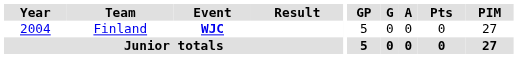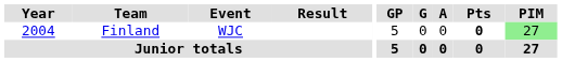 <table border="0" cellpadding="1" cellspacing="0" ID="Table3" style="text-align:center; width:40em">
 <tr ALIGN="center" bgcolor="#e0e0e0">
 <th>Year</th>
 <th>Team</th>
 <th>Event</th>
 <th>Result</th>
 <th rowspan="99" bgcolor="#ffffff"></th>
 <th>GP</th>
 <th>G</th>
 <th>A</th>
 <th>Pts</th>
 <th>PIM</th>
 </tr>
 <tr>
 <td><a href='#'>2004</a></td>
 <td><a href='#'>Finland</a></td>
-<td><strong><a href='#'>WJC</a></strong></td>
+<td><a href='#'>WJC</a></td>
 <td></td>
 <td>5</td>
 <td>0</td>
 <td>0</td>
-<td>0</td>
-<td>27</td>
+<td><strong>0</strong></td>
+<td style="background: lightgreen;">27</td>
 </tr>
 <tr bgcolor="#e0e0e0">
 <th colspan="4">Junior totals</th>
 <th>5</th>
 <th>0</th>
 <th>0</th>
 <th>0</th>
 <th>27</th>
 </tr>
 </table>
